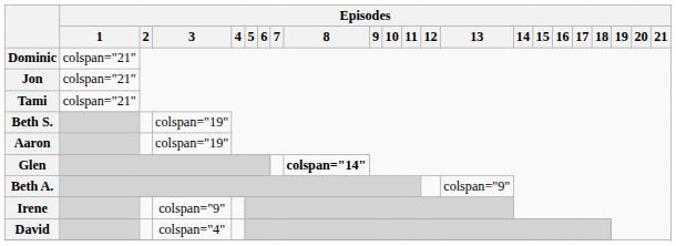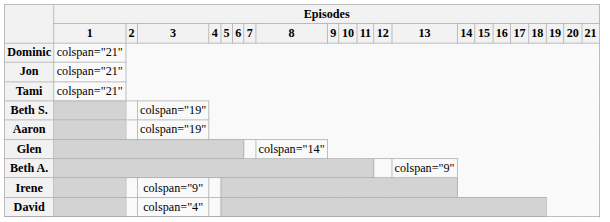 <table class="wikitable" style="text-align:center; width:40%;">
 <tr>
 <th scope="col" rowspan="2" style="width:18%;"></th>
 <th scope="colgroup" colspan="21">Episodes</th>
 </tr>
 <tr>
 <th scope="col" style="width:12%;">1</th>
 <th scope="col" style="width:8%;">2</th>
 <th scope="col" style="width:8%;">3</th>
 <th scope="col" style="width:8%;">4</th>
 <th scope="col" style="width:8%;">5</th>
 <th scope="col" style="width:8%;">6</th>
 <th scope="col" style="width:8%;">7</th>
 <th scope="col" style="width:8%;">8</th>
 <th scope="col" style="width:8%;">9</th>
 <th scope="col" style="width:8%;">10</th>
 <th scope="col" style="width:8%;">11</th>
 <th scope="col" style="width:8%;">12</th>
 <th scope="col" style="width:8%;">13</th>
 <th scope="col" style="width:8%;">14</th>
 <th scope="col" style="width:8%;">15</th>
 <th scope="col" style="width:8%;">16</th>
 <th scope="col" style="width:8%;">17</th>
 <th scope="col" style="width:8%;">18</th>
 <th scope="col" style="width:8%;">19</th>
 <th scope="col" style="width:8%;">20</th>
 <th scope="col" style="width:8%;">21</th>
 </tr>
 <tr>
 <th scope="row">Dominic</th>
 <td>colspan="21" </td>
 </tr>
 <tr>
 <th scope="row">Jon</th>
 <td>colspan="21" </td>
 </tr>
 <tr>
 <th scope="row">Tami</th>
 <td>colspan="21" </td>
 </tr>
 <tr>
 <th scope="row">Beth S.</th>
 <td style="background:lightgrey;"></td>
 <td></td>
 <td>colspan="19" </td>
 </tr>
 <tr>
 <th scope="row">Aaron</th>
 <td style="background:lightgrey;"></td>
 <td></td>
 <td>colspan="19" </td>
 </tr>
 <tr>
 <th scope="row">Glen</th>
 <td colspan="6" style="background:lightgray;"></td>
 <td></td>
-<td><strong>colspan="14" </strong></td>
+<td>colspan="14" </td>
 </tr>
 <tr>
 <th scope="row">Beth A.</th>
 <td colspan="11" style="background:lightgray;"></td>
 <td></td>
 <td>colspan="9" </td>
 </tr>
 <tr>
 <th scope="row">Irene</th>
 <td style="background:lightgrey;"></td>
 <td></td>
 <td>colspan="9" </td>
 <td></td>
 <td colspan="9" style="background:lightgray;"></td>
 </tr>
 <tr>
 <th scope="row">David</th>
 <td style="background:lightgrey;"></td>
 <td></td>
 <td>colspan="4" </td>
 <td></td>
 <td colspan="14" style="background:lightgray;"></td>
 </tr>
 <tr>
 </tr>
 </table>
